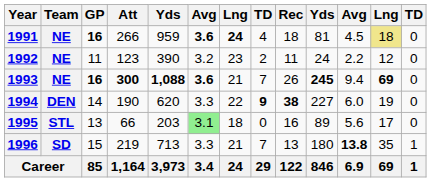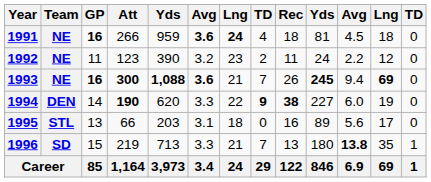 <table class="wikitable" style="text-align: center;">
 <tr>
 <th>Year</th>
 <th>Team</th>
 <th>GP</th>
 <th>Att</th>
 <th>Yds</th>
 <th>Avg</th>
 <th>Lng</th>
 <th>TD</th>
 <th>Rec</th>
 <th>Yds</th>
 <th>Avg</th>
 <th>Lng</th>
 <th>TD</th>
 </tr>
 <tr>
 <th><a href='#'>1991</a></th>
 <th><a href='#'>NE</a></th>
 <td><strong>16</strong></td>
 <td>266</td>
 <td>959</td>
 <td><strong>3.6</strong></td>
 <td><strong>24</strong></td>
 <td>4</td>
 <td>18</td>
 <td>81</td>
 <td>4.5</td>
-<td style="background: khaki;">18</td>
+<td>18</td>
 <td>0</td>
 </tr>
 <tr>
 <th><a href='#'>1992</a></th>
 <th><a href='#'>NE</a></th>
 <td>11</td>
 <td>123</td>
 <td>390</td>
 <td>3.2</td>
 <td>23</td>
 <td>2</td>
 <td>11</td>
 <td>24</td>
 <td>2.2</td>
 <td>12</td>
 <td>0</td>
 </tr>
 <tr>
 <th><a href='#'>1993</a></th>
 <th><a href='#'>NE</a></th>
 <td><strong>16</strong></td>
 <td><strong>300</strong></td>
 <td><strong>1,088</strong></td>
 <td><strong>3.6</strong></td>
 <td>21</td>
 <td>7</td>
 <td>26</td>
 <td><strong>245</strong></td>
 <td>9.4</td>
 <td><strong>69</strong></td>
 <td>0</td>
 </tr>
 <tr>
 <th><a href='#'>1994</a></th>
 <th><a href='#'>DEN</a></th>
 <td>14</td>
-<td>190</td>
+<td><strong>190</strong></td>
 <td>620</td>
 <td>3.3</td>
 <td>22</td>
 <td><strong>9</strong></td>
 <td><strong>38</strong></td>
 <td>227</td>
 <td>6.0</td>
 <td>19</td>
 <td>0</td>
 </tr>
 <tr>
 <th><a href='#'>1995</a></th>
 <th><a href='#'>STL</a></th>
 <td>13</td>
 <td>66</td>
 <td>203</td>
-<td style="background: lightgreen;">3.1</td>
+<td>3.1</td>
 <td>18</td>
 <td>0</td>
 <td>16</td>
 <td>89</td>
 <td>5.6</td>
 <td>17</td>
 <td>0</td>
 </tr>
 <tr>
 <th><a href='#'>1996</a></th>
 <th><a href='#'>SD</a></th>
 <td>15</td>
 <td>219</td>
 <td>713</td>
 <td>3.3</td>
 <td>21</td>
 <td>7</td>
 <td>13</td>
 <td>180</td>
 <td><strong>13.8</strong></td>
 <td>35</td>
 <td>1</td>
 </tr>
 <tr>
 <th colspan="2">Career</th>
 <th>85</th>
 <th>1,164</th>
 <th>3,973</th>
 <th>3.4</th>
 <th>24</th>
 <th>29</th>
 <th>122</th>
 <th>846</th>
 <th>6.9</th>
 <th>69</th>
 <th>1</th>
 </tr>
 </table>
